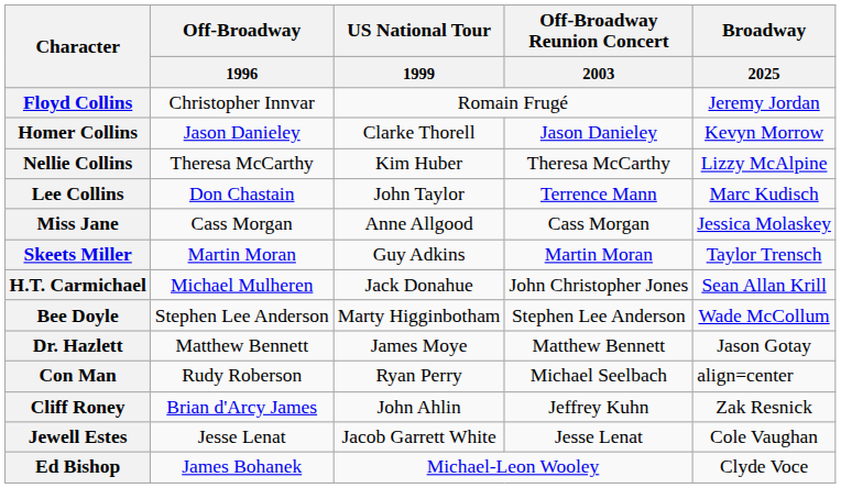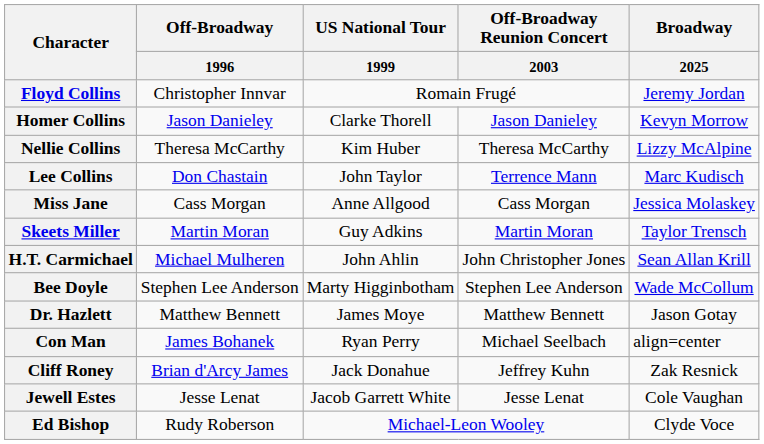 <table class="wikitable plainrowheaders">
 <tr>
 <th scope="colgroup" rowspan="2">Character</th>
 <th scope="col">Off-Broadway </th>
 <th scope="col">US National Tour </th>
 <th scope="col">Off-Broadway <br>Reunion Concert </th>
 <th scope="col">Broadway</th>
 </tr>
 <tr>
 <th scope="col"><small>1996</small></th>
 <th scope="col"><small>1999</small></th>
 <th scope="col"><small>2003</small></th>
 <th scope="col"><small>2025</small></th>
 </tr>
 <tr>
 <th><a href='#'>Floyd Collins</a></th>
 <td colspan="1" align="center">Christopher Innvar</td>
 <td colspan="2" align="center">Romain Frugé</td>
 <td colspan="1" align="center"><a href='#'>Jeremy Jordan</a></td>
 </tr>
 <tr>
 <th>Homer Collins</th>
 <td colspan="1" align="center"><a href='#'>Jason Danieley</a></td>
 <td colspan="1" align="center">Clarke Thorell</td>
 <td colspan="1" align="center"><a href='#'>Jason Danieley</a></td>
 <td align=center><a href='#'>Kevyn Morrow</a></td>
 </tr>
 <tr>
 <th>Nellie Collins</th>
 <td colspan="1" align="center">Theresa McCarthy</td>
 <td colspan="1" align="center">Kim Huber</td>
 <td colspan="1" align="center">Theresa McCarthy</td>
 <td colspan="1" align="center"><a href='#'>Lizzy McAlpine</a></td>
 </tr>
 <tr>
 <th>Lee Collins</th>
 <td colspan="1" align="center"><a href='#'>Don Chastain</a></td>
 <td colspan="1" align="center">John Taylor</td>
 <td colspan="1" align="center"><a href='#'>Terrence Mann</a></td>
 <td colspan="1" align="center"><a href='#'>Marc Kudisch</a></td>
 </tr>
 <tr>
 <th>Miss Jane</th>
 <td colspan="1" align="center">Cass Morgan</td>
 <td colspan="1" align="center">Anne Allgood</td>
 <td colspan="1" align="center">Cass Morgan</td>
 <td colspan="1" align="center"><a href='#'>Jessica Molaskey</a></td>
 </tr>
 <tr>
 <th><a href='#'>Skeets Miller</a></th>
 <td colspan="1" align="center"><a href='#'>Martin Moran</a></td>
 <td colspan="1" align="center">Guy Adkins</td>
 <td colspan="1" align="center"><a href='#'>Martin Moran</a></td>
 <td colspan="1" align="center"><a href='#'>Taylor Trensch</a></td>
 </tr>
 <tr>
 <th>H.T. Carmichael</th>
 <td align=center><a href='#'>Michael Mulheren</a></td>
-<td colspan="1" align="center">Jack Donahue</td>
+<td align=center>John Ahlin</td>
 <td align=center>John Christopher Jones</td>
 <td colspan="1" align="center"><a href='#'>Sean Allan Krill</a></td>
 </tr>
 <tr>
 <th>Bee Doyle</th>
 <td colspan="1" align="center">Stephen Lee Anderson</td>
 <td colspan="1" align="center">Marty Higginbotham</td>
 <td colspan="1" align="center">Stephen Lee Anderson</td>
 <td colspan="1" align="center"><a href='#'>Wade McCollum</a></td>
 </tr>
 <tr>
 <th>Dr. Hazlett</th>
 <td colspan="1" align="center">Matthew Bennett</td>
 <td colspan="1" align="center">James Moye</td>
 <td colspan="1" align="center">Matthew Bennett</td>
 <td colspan="1" align="center">Jason Gotay</td>
 </tr>
 <tr>
 <th>Con Man</th>
-<td colspan="1" align="center">Rudy Roberson</td>
+<td colspan="1" align="center"><a href='#'>James Bohanek</a></td>
 <td colspan="1" align="center">Ryan Perry</td>
 <td colspan="1" align="center">Michael Seelbach</td>
 <td>align=center </td>
 </tr>
 <tr>
 <th>Cliff Roney</th>
 <td colspan="1" align="center"><a href='#'>Brian d'Arcy James</a></td>
-<td align=center>John Ahlin</td>
+<td colspan="1" align="center">Jack Donahue</td>
 <td colspan="1" align="center">Jeffrey Kuhn</td>
 <td align=center>Zak Resnick</td>
 </tr>
 <tr>
 <th>Jewell Estes</th>
 <td colspan="1" align="center">Jesse Lenat</td>
 <td colspan="1" align="center">Jacob Garrett White</td>
 <td colspan="1" align="center">Jesse Lenat</td>
 <td colspan="1" align="center">Cole Vaughan</td>
 </tr>
 <tr>
 <th>Ed Bishop</th>
-<td colspan="1" align="center"><a href='#'>James Bohanek</a></td>
+<td colspan="1" align="center">Rudy Roberson</td>
 <td colspan="2" align="center"><a href='#'>Michael-Leon Wooley</a></td>
 <td colspan="1" align="center">Clyde Voce</td>
 </tr>
 </table>
